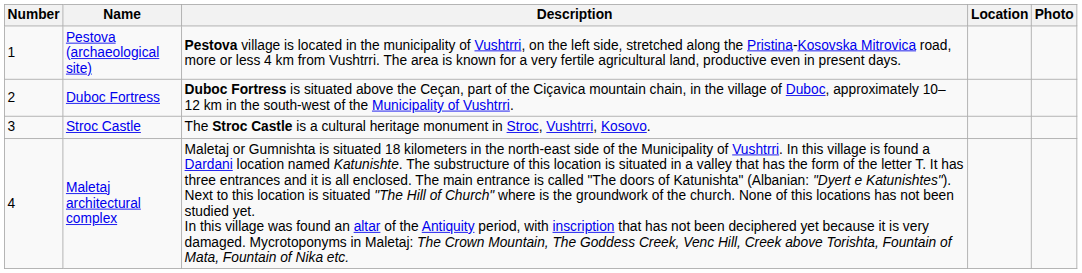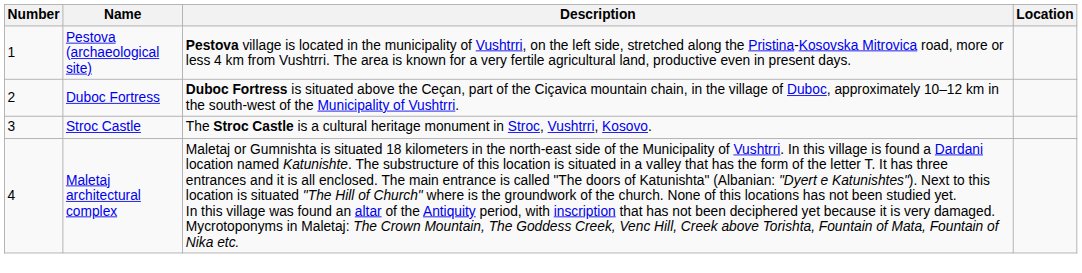 <table class="wikitable sortable">
 <tr>
 <th>Number</th>
 <th>Name</th>
 <th>Description</th>
 <th>Location</th>
-<th>Photo</th>
 </tr>
 <tr>
 <td>1</td>
 <td><a href='#'>Pestova (archaeological site)</a></td>
 <td><strong>Pestova</strong> village is located in the municipality of <a href='#'>Vushtrri</a>, on the left side, stretched along the <a href='#'>Pristina</a>-<a href='#'>Kosovska Mitrovica</a> road, more or less 4 km from Vushtrri. The area is known for a very fertile agricultural land, productive even in present days.</td>
-<td></td>
 <td></td>
 </tr>
 <tr>
 <td>2</td>
 <td><a href='#'>Duboc Fortress</a></td>
 <td><strong>Duboc Fortress</strong> is situated above the Ceçan, part of the Ciçavica mountain chain, in the village of <a href='#'>Duboc</a>, approximately 10–12 km in the south-west of the <a href='#'>Municipality of Vushtrri</a>.</td>
 <td></td>
-<td></td>
 </tr>
 <tr>
 <td>3</td>
 <td><a href='#'>Stroc Castle</a></td>
 <td>The <strong>Stroc Castle</strong> is a cultural heritage monument in <a href='#'>Stroc</a>, <a href='#'>Vushtrri</a>, <a href='#'>Kosovo</a>.</td>
-<td></td>
 <td></td>
 </tr>
 <tr>
 <td>4</td>
 <td><a href='#'>Maletaj architectural complex</a></td>
 <td>Maletaj or Gumnishta is situated 18 kilometers in the north-east side of the Municipality of <a href='#'>Vushtrri</a>. In this village is found  a <a href='#'>Dardani</a> location named <em>Katunishte</em>. The substructure of this location is situated in a valley that has the form of the letter T. It has three entrances and it is all enclosed. The main entrance is called "The doors of Katunishta" (Albanian: <em>"Dyert e Katunishtes"</em>). Next to this location is situated <em>"The Hill of Church"</em> where is the groundwork of the church. None of this locations has not been studied yet.<br>In this village was found an <a href='#'>altar</a> of the <a href='#'>Antiquity</a> period, with <a href='#'>inscription</a> that has not been deciphered yet because it is very damaged. Mycrotoponyms in Maletaj: <em>The Crown Mountain, The Goddess Creek, Venc Hill, Creek above Torishta, Fountain of Mata, Fountain of Nika etc.</em></td>
 <td></td>
-<td></td>
 </tr>
 </table>
